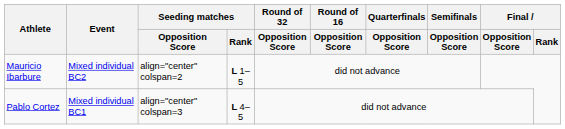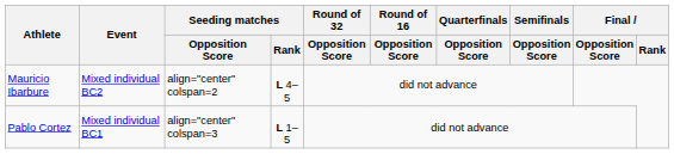 <table class=wikitable style="font-size:90%">
 <tr>
 <th rowspan="2">Athlete</th>
 <th rowspan="2">Event</th>
 <th colspan="2">Seeding matches</th>
 <th>Round of 32</th>
 <th>Round of 16</th>
 <th>Quarterfinals</th>
 <th>Semifinals</th>
 <th colspan="2">Final / </th>
 </tr>
 <tr>
 <th>Opposition<br>Score</th>
 <th>Rank</th>
 <th>Opposition<br>Score</th>
 <th>Opposition<br>Score</th>
 <th>Opposition<br>Score</th>
 <th>Opposition<br>Score</th>
 <th>Opposition<br>Score</th>
 <th>Rank</th>
 </tr>
 <tr>
 <td><a href='#'>Mauricio Ibarbure</a></td>
 <td><a href='#'>Mixed individual BC2</a></td>
 <td>align="center" colspan=2 </td>
-<td align="center"><br><strong>L</strong> 1–5</td>
+<td align="center"><br><strong>L</strong> 4–5</td>
 <td align="center" colspan=4>did not advance</td>
 </tr>
 <tr>
 <td><a href='#'>Pablo Cortez</a></td>
 <td><a href='#'>Mixed individual BC1</a></td>
 <td>align="center" colspan=3 </td>
-<td align="center"><br><strong>L</strong> 4–5</td>
+<td align="center"><br><strong>L</strong> 1–5</td>
 <td align="center" colspan=5>did not advance</td>
 </tr>
 </table>
